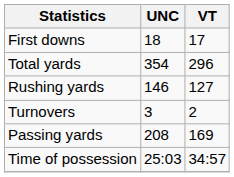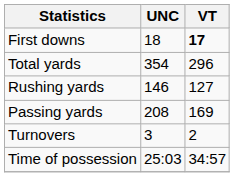 <table class="wikitable">
 <tr>
 <th>Statistics</th>
 <th>UNC</th>
 <th>VT</th>
 </tr>
 <tr>
 <td>First downs</td>
 <td>18</td>
-<td>17</td>
+<td><strong>17</strong></td>
 </tr>
 <tr>
 <td>Total yards</td>
 <td>354</td>
 <td>296</td>
 </tr>
 <tr>
 <td>Rushing yards</td>
 <td>146</td>
 <td>127</td>
 </tr>
 <tr>
+<td>Passing yards</td>
+<td>208</td>
+<td>169</td>
+</tr>
+<tr>
 <td>Turnovers</td>
 <td>3</td>
 <td>2</td>
-</tr>
-<tr>
-<td>Passing yards</td>
-<td>208</td>
-<td>169</td>
 </tr>
 <tr>
 <td>Time of possession</td>
 <td>25:03</td>
 <td>34:57</td>
 </tr>
 <tr>
 </tr>
 </table>
